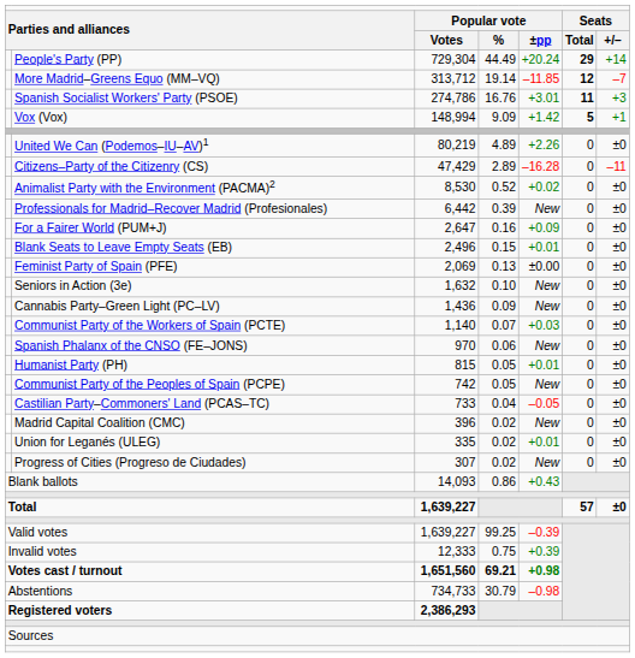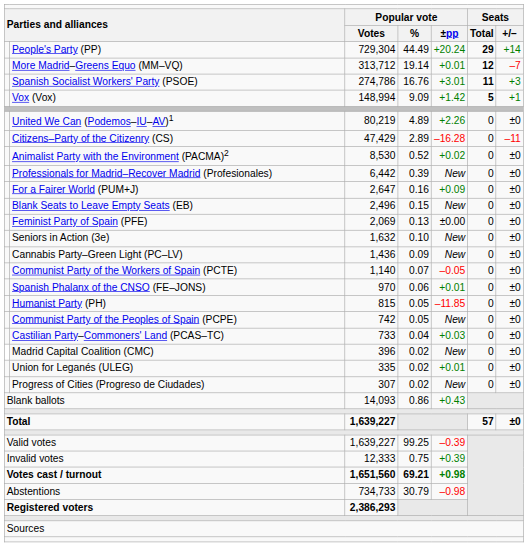 <table class="wikitable" style="text-align:right;">
 <tr>
 <td colspan="7"></td>
 </tr>
 <tr>
 <th style="text-align:left;" rowspan="2" colspan="2" width="525">Parties and alliances</th>
 <th colspan="3">Popular vote</th>
 <th colspan="2">Seats</th>
 </tr>
 <tr>
 <th width="75">Votes</th>
 <th width="45">%</th>
 <th width="45">±<a href='#'>pp</a></th>
 <th width="35">Total</th>
 <th width="35">+/−</th>
 </tr>
 <tr>
 <td width="1" style="color:inherit;background:"></td>
 <td align="left"><a href='#'>People's Party</a> (PP)</td>
 <td>729,304</td>
 <td>44.49</td>
 <td style="color:green;">+20.24</td>
 <td><strong>29</strong></td>
 <td style="color:green;">+14</td>
 </tr>
 <tr>
 <td style="color:inherit;background:"></td>
 <td align="left"><a href='#'>More Madrid</a>–<a href='#'>Greens Equo</a> (MM–VQ)</td>
 <td>313,712</td>
 <td>19.14</td>
-<td style="color:red;">–11.85</td>
+<td style="color:green;">+0.01</td>
 <td><strong>12</strong></td>
 <td style="color:red;">–7</td>
 </tr>
 <tr>
 <td style="color:inherit;background:"></td>
 <td align="left"><a href='#'>Spanish Socialist Workers' Party</a> (PSOE)</td>
 <td>274,786</td>
 <td>16.76</td>
 <td style="color:green;">+3.01</td>
 <td><strong>11</strong></td>
 <td style="color:green;">+3</td>
 </tr>
 <tr>
 <td style="color:inherit;background:"></td>
 <td align="left"><a href='#'>Vox</a> (Vox)</td>
 <td>148,994</td>
 <td>9.09</td>
 <td style="color:green;">+1.42</td>
 <td><strong>5</strong></td>
 <td style="color:green;">+1</td>
 </tr>
 <tr>
 <td colspan="7" bgcolor="#C0C0C0"></td>
 </tr>
 <tr>
 <td style="color:inherit;background:"></td>
 <td align="left"><a href='#'>United We Can</a> (<a href='#'>Podemos</a>–<a href='#'>IU</a>–<a href='#'>AV</a>)<sup>1</sup></td>
 <td>80,219</td>
 <td>4.89</td>
 <td style="color:green;">+2.26</td>
 <td>0</td>
 <td>±0</td>
 </tr>
 <tr>
 <td style="color:inherit;background:"></td>
 <td align="left"><a href='#'>Citizens–Party of the Citizenry</a> (CS)</td>
 <td>47,429</td>
 <td>2.89</td>
 <td style="color:red;">–16.28</td>
 <td>0</td>
 <td style="color:red;">–11</td>
 </tr>
 <tr>
 <td style="color:inherit;background:"></td>
 <td align="left"><a href='#'>Animalist Party with the Environment</a> (PACMA)<sup>2</sup></td>
 <td>8,530</td>
 <td>0.52</td>
 <td style="color:green;">+0.02</td>
 <td>0</td>
 <td>±0</td>
 </tr>
 <tr>
 <td style="color:inherit;background:"></td>
 <td align="left"><a href='#'>Professionals for Madrid–Recover Madrid</a> (Profesionales)</td>
 <td>6,442</td>
 <td>0.39</td>
 <td><em>New</em></td>
 <td>0</td>
 <td>±0</td>
 </tr>
 <tr>
 <td style="color:inherit;background:"></td>
 <td align="left"><a href='#'>For a Fairer World</a> (PUM+J)</td>
 <td>2,647</td>
 <td>0.16</td>
 <td style="color:green;">+0.09</td>
 <td>0</td>
 <td>±0</td>
 </tr>
 <tr>
 <td style="color:inherit;background:"></td>
 <td align="left"><a href='#'>Blank Seats to Leave Empty Seats</a> (EB)</td>
 <td>2,496</td>
 <td>0.15</td>
-<td style="color:green;">+0.01</td>
+<td><em>New</em></td>
 <td>0</td>
 <td>±0</td>
 </tr>
 <tr>
 <td style="color:inherit;background:"></td>
 <td align="left"><a href='#'>Feminist Party of Spain</a> (PFE)</td>
 <td>2,069</td>
 <td>0.13</td>
 <td>±0.00</td>
 <td>0</td>
 <td>±0</td>
 </tr>
 <tr>
 <td style="color:inherit;background:"></td>
 <td align="left">Seniors in Action (3e)</td>
 <td>1,632</td>
 <td>0.10</td>
 <td><em>New</em></td>
 <td>0</td>
 <td>±0</td>
 </tr>
 <tr>
 <td style="color:inherit;background:"></td>
 <td align="left">Cannabis Party–Green Light (PC–LV)</td>
 <td>1,436</td>
 <td>0.09</td>
 <td><em>New</em></td>
 <td>0</td>
 <td>±0</td>
 </tr>
 <tr>
 <td style="color:inherit;background:"></td>
 <td align="left"><a href='#'>Communist Party of the Workers of Spain</a> (PCTE)</td>
 <td>1,140</td>
 <td>0.07</td>
-<td style="color:green;">+0.03</td>
+<td style="color:red;">–0.05</td>
 <td>0</td>
 <td>±0</td>
 </tr>
 <tr>
 <td style="color:inherit;background:"></td>
 <td align="left"><a href='#'>Spanish Phalanx of the CNSO</a> (FE–JONS)</td>
 <td>970</td>
 <td>0.06</td>
-<td><em>New</em></td>
+<td style="color:green;">+0.01</td>
 <td>0</td>
 <td>±0</td>
 </tr>
 <tr>
 <td style="color:inherit;background:"></td>
 <td align="left"><a href='#'>Humanist Party</a> (PH)</td>
 <td>815</td>
 <td>0.05</td>
-<td style="color:green;">+0.01</td>
+<td style="color:red;">–11.85</td>
 <td>0</td>
 <td>±0</td>
 </tr>
 <tr>
 <td style="color:inherit;background:"></td>
 <td align="left"><a href='#'>Communist Party of the Peoples of Spain</a> (PCPE)</td>
 <td>742</td>
 <td>0.05</td>
 <td><em>New</em></td>
 <td>0</td>
 <td>±0</td>
 </tr>
 <tr>
 <td style="color:inherit;background:"></td>
 <td align="left"><a href='#'>Castilian Party</a>–<a href='#'>Commoners' Land</a> (PCAS–TC)</td>
 <td>733</td>
 <td>0.04</td>
-<td style="color:red;">–0.05</td>
+<td style="color:green;">+0.03</td>
 <td>0</td>
 <td>±0</td>
 </tr>
 <tr>
 <td bgcolor="white"></td>
 <td align="left">Madrid Capital Coalition (CMC)</td>
 <td>396</td>
 <td>0.02</td>
 <td><em>New</em></td>
 <td>0</td>
 <td>±0</td>
 </tr>
 <tr>
 <td style="color:inherit;background:"></td>
 <td align="left">Union for Leganés (ULEG)</td>
 <td>335</td>
 <td>0.02</td>
 <td style="color:green;">+0.01</td>
 <td>0</td>
 <td>±0</td>
 </tr>
 <tr>
 <td style="color:inherit;background:"></td>
 <td align="left">Progress of Cities (Progreso de Ciudades)</td>
 <td>307</td>
 <td>0.02</td>
 <td><em>New</em></td>
 <td>0</td>
 <td>±0</td>
 </tr>
 <tr>
 <td align="left" colspan="2">Blank ballots</td>
 <td>14,093</td>
 <td>0.86</td>
 <td style="color:green;">+0.43</td>
 <td bgcolor="#E9E9E9" colspan="2"></td>
 </tr>
 <tr>
 <td colspan="7" bgcolor="#E9E9E9"></td>
 </tr>
 <tr style="font-weight:bold;">
 <td align="left" colspan="2">Total</td>
 <td>1,639,227</td>
 <td bgcolor="#E9E9E9" colspan="2"></td>
 <td>57</td>
 <td>±0</td>
 </tr>
 <tr>
 <td colspan="7" bgcolor="#E9E9E9"></td>
 </tr>
 <tr>
 <td align="left" colspan="2">Valid votes</td>
 <td>1,639,227</td>
 <td>99.25</td>
 <td style="color:red;">–0.39</td>
 <td bgcolor="#E9E9E9" colspan="2" rowspan="5"></td>
 </tr>
 <tr>
 <td align="left" colspan="2">Invalid votes</td>
 <td>12,333</td>
 <td>0.75</td>
 <td style="color:green;">+0.39</td>
 </tr>
 <tr style="font-weight:bold;">
 <td align="left" colspan="2">Votes cast / turnout</td>
 <td>1,651,560</td>
 <td>69.21</td>
 <td style="color:green;">+0.98</td>
 </tr>
 <tr>
 <td align="left" colspan="2">Abstentions</td>
 <td>734,733</td>
 <td>30.79</td>
 <td style="color:red;">–0.98</td>
 </tr>
 <tr style="font-weight:bold;">
 <td align="left" colspan="2">Registered voters</td>
 <td>2,386,293</td>
 <td bgcolor="#E9E9E9" colspan="2"></td>
 </tr>
 <tr>
 <td colspan="7" bgcolor="#E9E9E9"></td>
 </tr>
 <tr>
 <td align="left" colspan="7">Sources</td>
 </tr>
 <tr>
 <td colspan="7" style="text-align:left; max-width:790px;"></td>
 </tr>
 </table>
